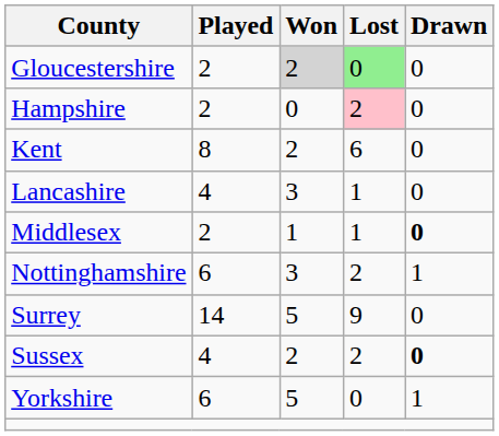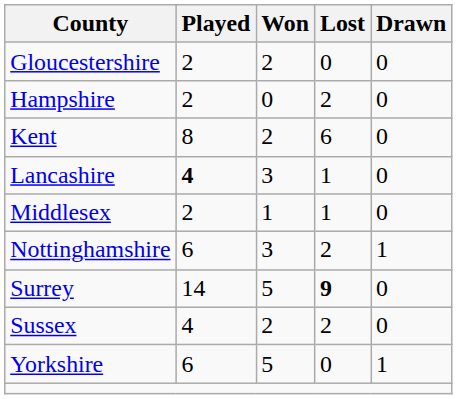 <table class="wikitable sortable">
 <tr>
 <th>County</th>
 <th>Played</th>
 <th>Won</th>
 <th>Lost</th>
 <th>Drawn</th>
 </tr>
 <tr>
 <td><a href='#'>Gloucestershire</a></td>
 <td>2</td>
-<td style="background: lightgrey;">2</td>
-<td style="background: lightgreen;">0</td>
+<td>2</td>
+<td>0</td>
 <td>0</td>
 </tr>
 <tr>
 <td><a href='#'>Hampshire</a></td>
 <td>2</td>
 <td>0</td>
-<td style="background: pink;">2</td>
+<td>2</td>
 <td>0</td>
 </tr>
 <tr>
 <td><a href='#'>Kent</a></td>
 <td>8</td>
 <td>2</td>
 <td>6</td>
 <td>0</td>
 </tr>
 <tr>
 <td><a href='#'>Lancashire</a></td>
-<td>4</td>
+<td><strong>4</strong></td>
 <td>3</td>
 <td>1</td>
 <td>0</td>
 </tr>
 <tr>
 <td><a href='#'>Middlesex</a></td>
 <td>2</td>
 <td>1</td>
 <td>1</td>
-<td><strong>0</strong></td>
+<td>0</td>
 </tr>
 <tr>
 <td><a href='#'>Nottinghamshire</a></td>
 <td>6</td>
 <td>3</td>
 <td>2</td>
 <td>1</td>
 </tr>
 <tr>
 <td><a href='#'>Surrey</a></td>
 <td>14</td>
 <td>5</td>
-<td>9</td>
+<td><strong>9</strong></td>
 <td>0</td>
 </tr>
 <tr>
 <td><a href='#'>Sussex</a></td>
 <td>4</td>
 <td>2</td>
 <td>2</td>
-<td><strong>0</strong></td>
+<td>0</td>
 </tr>
 <tr>
 <td><a href='#'>Yorkshire</a></td>
 <td>6</td>
 <td>5</td>
 <td>0</td>
 <td>1</td>
 </tr>
 <tr>
 <td colspan="5"></td>
 </tr>
 </table>
